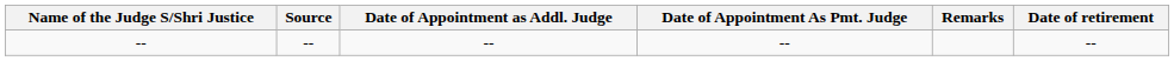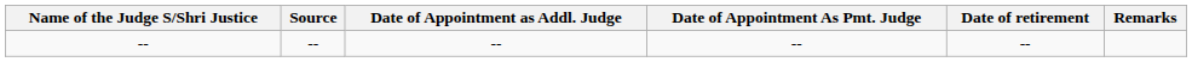 <table class="wikitable static-row-numbers static-row-header" style="text-align:center" width="92%">
 <tr>
 <th>Name of the Judge S/Shri Justice</th>
 <th>Source</th>
 <th>Date of Appointment as Addl. Judge</th>
 <th>Date of Appointment As Pmt. Judge</th>
+<th>Date of retirement</th>
 <th>Remarks</th>
-<th>Date of retirement</th>
 </tr>
 <tr>
 <td>--</td>
 <td>--</td>
 <td>--</td>
 <td>--</td>
+<td>--</td>
 <td></td>
-<td>--</td>
 </tr>
 </table>
